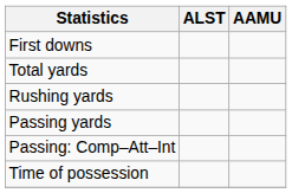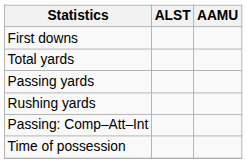 <table class="wikitable" style="float: left;">
 <tr>
 <th>Statistics</th>
 <th>ALST</th>
 <th>AAMU</th>
 </tr>
 <tr>
 <td>First downs</td>
 <td></td>
 <td></td>
 </tr>
 <tr>
 <td>Total yards</td>
 <td></td>
 <td></td>
 </tr>
 <tr>
-<td>Rushing yards</td>
+<td>Passing yards</td>
 <td></td>
 <td></td>
 </tr>
 <tr>
-<td>Passing yards</td>
+<td>Rushing yards</td>
 <td></td>
 <td></td>
 </tr>
 <tr>
 <td>Passing: Comp–Att–Int</td>
 <td></td>
 <td></td>
 </tr>
 <tr>
 <td>Time of possession</td>
 <td></td>
 <td></td>
 </tr>
 <tr>
 </tr>
 </table>
